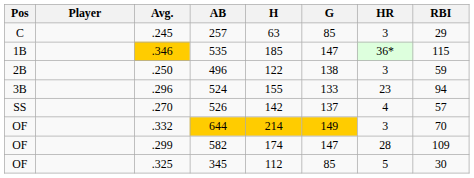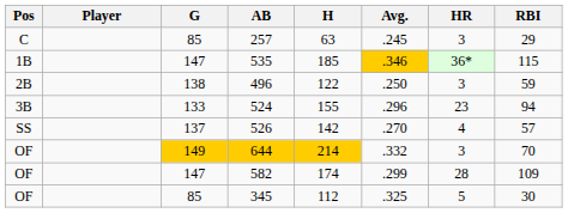 <table class="wikitable sortable">
 <tr>
 <th bgcolor="#DDDDFF" width="5%">Pos</th>
 <th bgcolor="#DDDDFF" width="16%">Player</th>
-<th bgcolor="#DDDDFF" width="9%">Avg.</th>
+<th bgcolor="#DDDDFF" width="9%">G</th>
 <th bgcolor="#DDDDFF" width="9%">AB</th>
 <th bgcolor="#DDDDFF" width="9%">H</th>
-<th bgcolor="#DDDDFF" width="9%">G</th>
+<th bgcolor="#DDDDFF" width="9%">Avg.</th>
 <th bgcolor="#DDDDFF" width="9%">HR</th>
 <th bgcolor="#DDDDFF" width="9%">RBI</th>
 </tr>
 <tr align="center">
 <td>C</td>
 <td></td>
-<td>.245</td>
+<td>85</td>
 <td>257</td>
 <td>63</td>
-<td>85</td>
+<td>.245</td>
 <td>3</td>
 <td>29</td>
 </tr>
 <tr align="center">
 <td>1B</td>
 <td></td>
-<td style="background:#fc0;">.346</td>
+<td>147</td>
 <td>535</td>
 <td>185</td>
-<td>147</td>
+<td style="background:#fc0;">.346</td>
 <td style="background:#DDFFDD;">36*</td>
 <td>115</td>
 </tr>
 <tr align="center">
 <td>2B</td>
 <td></td>
-<td>.250</td>
+<td>138</td>
 <td>496</td>
 <td>122</td>
-<td>138</td>
+<td>.250</td>
 <td>3</td>
 <td>59</td>
 </tr>
 <tr align="center">
 <td>3B</td>
 <td></td>
-<td>.296</td>
+<td>133</td>
 <td>524</td>
 <td>155</td>
-<td>133</td>
+<td>.296</td>
 <td>23</td>
 <td>94</td>
 </tr>
 <tr align="center">
 <td>SS</td>
 <td></td>
-<td>.270</td>
+<td>137</td>
 <td>526</td>
 <td>142</td>
-<td>137</td>
+<td>.270</td>
 <td>4</td>
 <td>57</td>
 </tr>
 <tr align="center">
 <td>OF</td>
 <td></td>
-<td>.332</td>
+<td style="background:#fc0;">149</td>
 <td style="background:#fc0;">644</td>
 <td style="background:#fc0;">214</td>
-<td style="background:#fc0;">149</td>
+<td>.332</td>
 <td>3</td>
 <td>70</td>
 </tr>
 <tr align="center">
 <td>OF</td>
 <td></td>
-<td>.299</td>
+<td>147</td>
 <td>582</td>
 <td>174</td>
-<td>147</td>
+<td>.299</td>
 <td>28</td>
 <td>109</td>
 </tr>
 <tr align="center">
 <td>OF</td>
 <td></td>
-<td>.325</td>
+<td>85</td>
 <td>345</td>
 <td>112</td>
-<td>85</td>
+<td>.325</td>
 <td>5</td>
 <td>30</td>
 </tr>
 </table>
